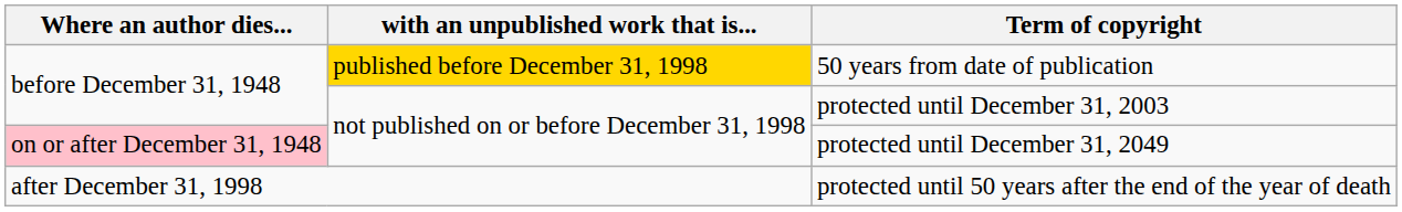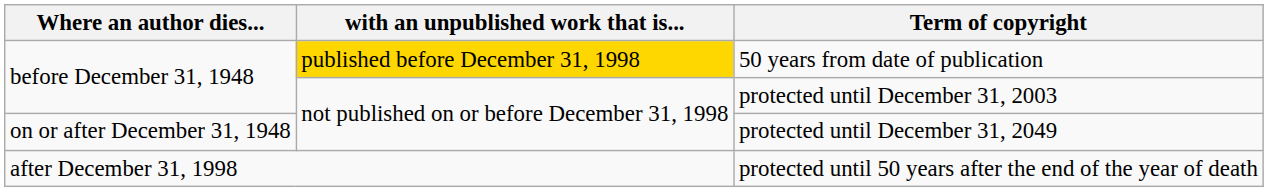 <table class="wikitable">
 <tr>
 <th>Where an author dies...</th>
 <th>with an unpublished work that is...</th>
 <th>Term of copyright</th>
 </tr>
 <tr>
 <td rowspan="2">before December 31, 1948</td>
 <td style="background: gold;">published before December 31, 1998</td>
 <td>50 years from date of publication</td>
 </tr>
 <tr>
 <td rowspan="2">not published on or before December 31, 1998</td>
 <td>protected until December 31, 2003</td>
 </tr>
 <tr>
-<td style="background: pink;">on or after December 31, 1948</td>
+<td>on or after December 31, 1948</td>
 <td>protected until December 31, 2049</td>
 </tr>
 <tr>
 <td colspan="2">after December 31, 1998</td>
 <td>protected until 50 years after the end of the year of death</td>
 </tr>
 </table>
